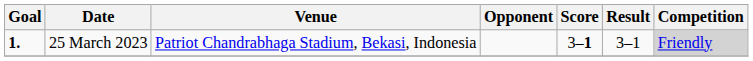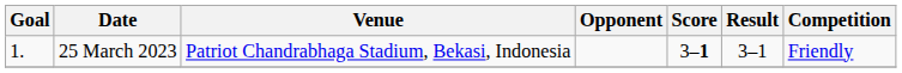 <table class="wikitable">
 <tr>
 <th>Goal</th>
 <th>Date</th>
 <th>Venue</th>
 <th>Opponent</th>
 <th>Score</th>
 <th>Result</th>
 <th>Competition</th>
 </tr>
 <tr>
-<td><strong>1.</strong></td>
+<td>1.</td>
 <td>25 March 2023</td>
 <td><a href='#'>Patriot Chandrabhaga Stadium</a>, <a href='#'>Bekasi</a>, Indonesia</td>
 <td></td>
 <td align=center>3–<strong>1</strong></td>
 <td align=center>3–1</td>
-<td style="background: lightgrey;"><a href='#'>Friendly</a></td>
+<td><a href='#'>Friendly</a></td>
 </tr>
 <tr>
 </tr>
 </table>
